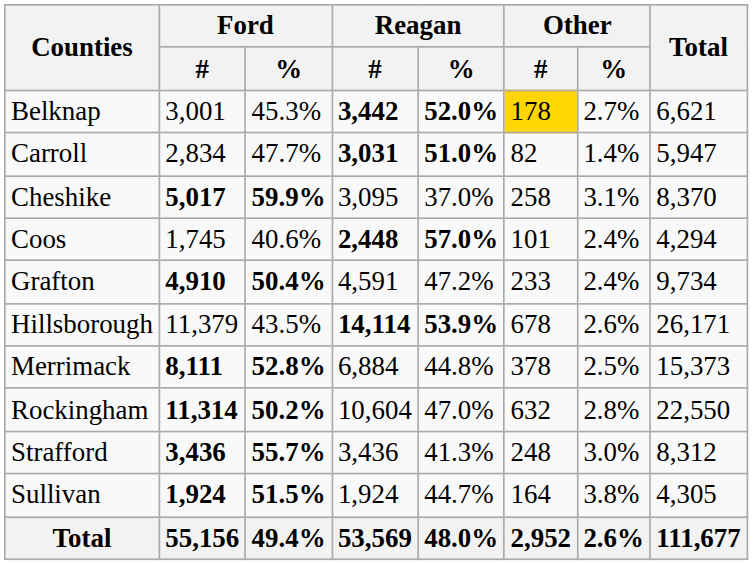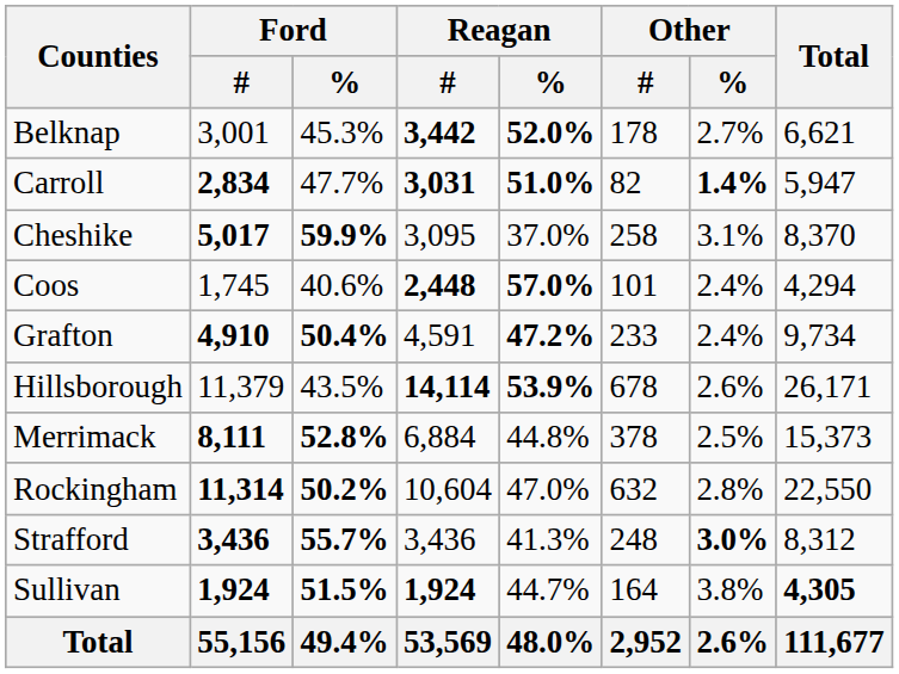 <table class="wikitable sortable">
 <tr>
 <th rowspan="2">Counties</th>
 <th colspan="2">Ford</th>
 <th colspan="2">Reagan</th>
 <th colspan="2">Other</th>
 <th rowspan="2">Total</th>
 </tr>
 <tr>
 <th>#</th>
 <th>%</th>
 <th>#</th>
 <th>%</th>
 <th>#</th>
 <th>%</th>
 </tr>
 <tr>
 <td>Belknap</td>
 <td>3,001</td>
 <td>45.3%</td>
 <td><strong>3,442</strong></td>
 <td><strong>52.0%</strong></td>
-<td style="background: gold;">178</td>
+<td>178</td>
 <td>2.7%</td>
 <td>6,621</td>
 </tr>
 <tr>
 <td>Carroll</td>
-<td>2,834</td>
+<td><strong>2,834</strong></td>
 <td>47.7%</td>
 <td><strong>3,031</strong></td>
 <td><strong>51.0%</strong></td>
 <td>82</td>
-<td>1.4%</td>
+<td><strong>1.4%</strong></td>
 <td>5,947</td>
 </tr>
 <tr>
 <td>Cheshike</td>
 <td><strong>5,017</strong></td>
 <td><strong>59.9%</strong></td>
 <td>3,095</td>
 <td>37.0%</td>
 <td>258</td>
 <td>3.1%</td>
 <td>8,370</td>
 </tr>
 <tr>
 <td>Coos</td>
 <td>1,745</td>
 <td>40.6%</td>
 <td><strong>2,448</strong></td>
 <td><strong>57.0%</strong></td>
 <td>101</td>
 <td>2.4%</td>
 <td>4,294</td>
 </tr>
 <tr>
 <td>Grafton</td>
 <td><strong>4,910</strong></td>
 <td><strong>50.4%</strong></td>
 <td>4,591</td>
-<td>47.2%</td>
+<td><strong>47.2%</strong></td>
 <td>233</td>
 <td>2.4%</td>
 <td>9,734</td>
 </tr>
 <tr>
 <td>Hillsborough</td>
 <td>11,379</td>
 <td>43.5%</td>
 <td><strong>14,114</strong></td>
 <td><strong>53.9%</strong></td>
 <td>678</td>
 <td>2.6%</td>
 <td>26,171</td>
 </tr>
 <tr>
 <td>Merrimack</td>
 <td><strong>8,111</strong></td>
 <td><strong>52.8%</strong></td>
 <td>6,884</td>
 <td>44.8%</td>
 <td>378</td>
 <td>2.5%</td>
 <td>15,373</td>
 </tr>
 <tr>
 <td>Rockingham</td>
 <td><strong>11,314</strong></td>
 <td><strong>50.2%</strong></td>
 <td>10,604</td>
 <td>47.0%</td>
 <td>632</td>
 <td>2.8%</td>
 <td>22,550</td>
 </tr>
 <tr>
 <td>Strafford</td>
 <td><strong>3,436</strong></td>
 <td><strong>55.7%</strong></td>
 <td>3,436</td>
 <td>41.3%</td>
 <td>248</td>
-<td>3.0%</td>
+<td><strong>3.0%</strong></td>
 <td>8,312</td>
 </tr>
 <tr>
 <td>Sullivan</td>
 <td><strong>1,924</strong></td>
 <td><strong>51.5%</strong></td>
-<td>1,924</td>
+<td><strong>1,924</strong></td>
 <td>44.7%</td>
 <td>164</td>
 <td>3.8%</td>
-<td>4,305</td>
+<td><strong>4,305</strong></td>
 </tr>
 <tr>
 <th>Total</th>
 <th>55,156</th>
 <th>49.4%</th>
 <th>53,569</th>
 <th>48.0%</th>
 <th>2,952</th>
 <th>2.6%</th>
 <th>111,677</th>
 </tr>
 </table>
